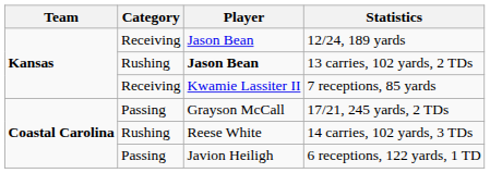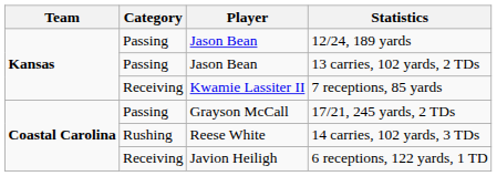 <table class="wikitable" style="float: left;">
 <tr>
 <th>Team</th>
 <th>Category</th>
 <th>Player</th>
 <th>Statistics</th>
 </tr>
 <tr>
 <td rowspan=3><strong>Kansas</strong></td>
-<td>Receiving</td>
+<td>Passing</td>
 <td><a href='#'>Jason Bean</a></td>
 <td>12/24, 189 yards</td>
 </tr>
 <tr>
-<td>Rushing</td>
-<td><strong>Jason Bean</strong></td>
+<td>Passing</td>
+<td>Jason Bean</td>
 <td>13 carries, 102 yards, 2 TDs</td>
 </tr>
 <tr>
 <td>Receiving</td>
 <td><a href='#'>Kwamie Lassiter II</a></td>
 <td>7 receptions, 85 yards</td>
 </tr>
 <tr>
 <td rowspan=3><strong>Coastal Carolina</strong></td>
 <td>Passing</td>
 <td>Grayson McCall</td>
 <td>17/21, 245 yards, 2 TDs</td>
 </tr>
 <tr>
 <td>Rushing</td>
 <td>Reese White</td>
 <td>14 carries, 102 yards, 3 TDs</td>
 </tr>
 <tr>
-<td>Passing</td>
+<td>Receiving</td>
 <td>Javion Heiligh</td>
 <td>6 receptions, 122 yards, 1 TD</td>
 </tr>
 </table>
